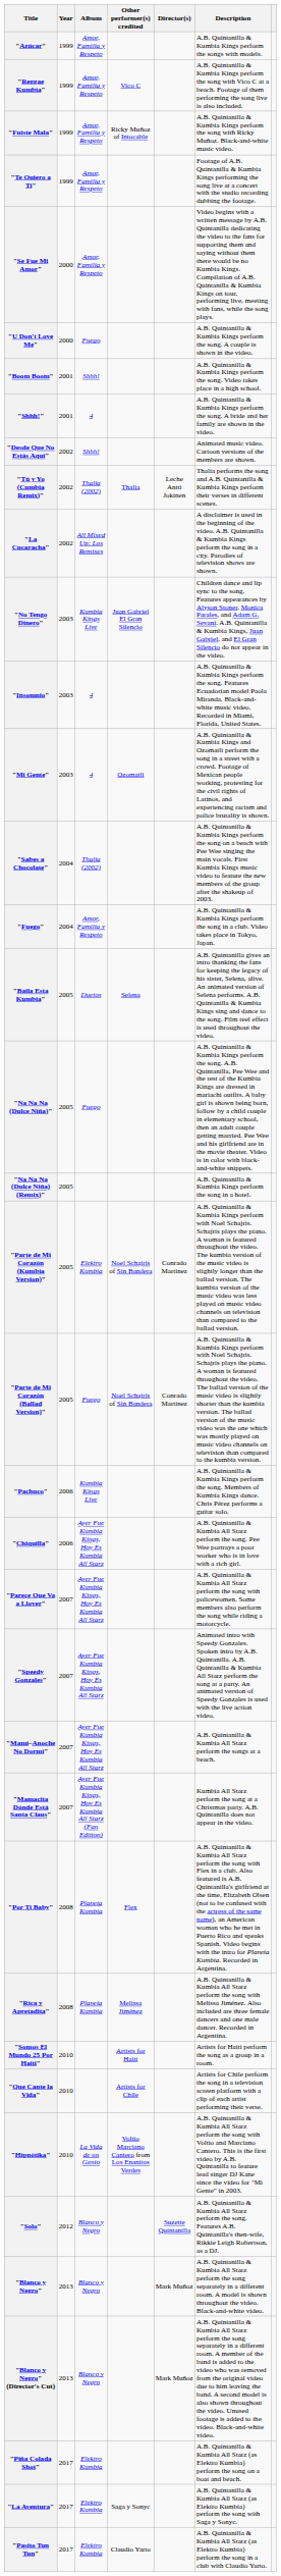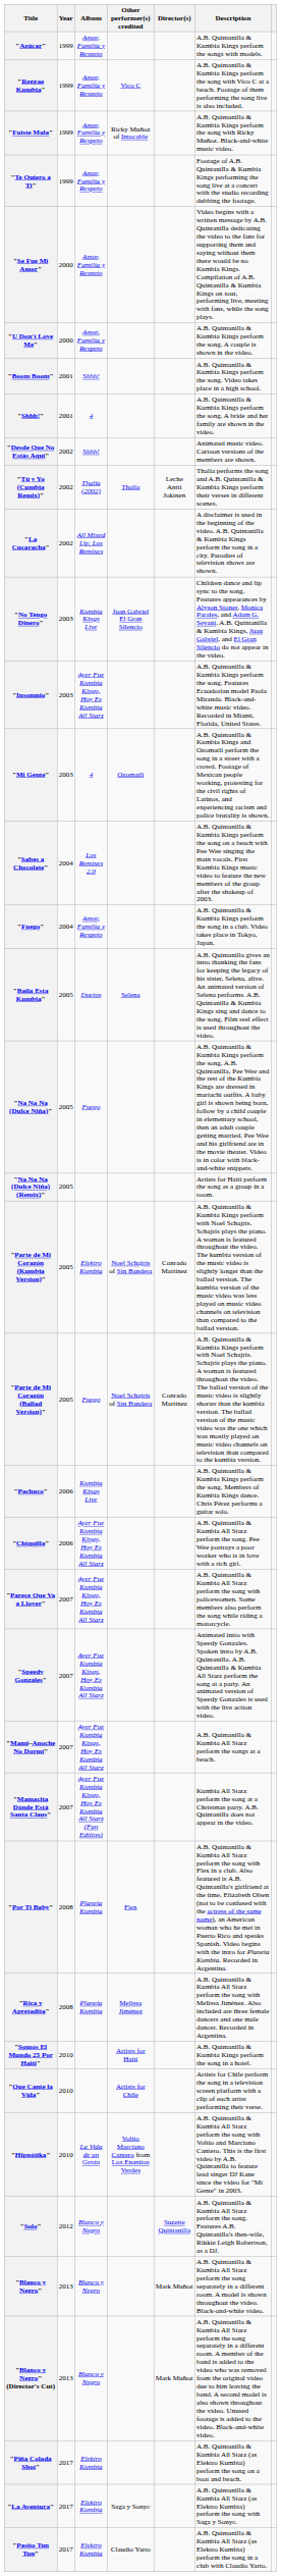 <table class="wikitable sortable plainrowheaders" style="text-align:center;">
 <tr>
 <th scope="col" style="width:18em;">Title</th>
 <th scope="col" style="width:2em;">Year</th>
 <th scope="col" style="width:10em;">Album</th>
 <th scope="col" style="width:10em;">Other performer(s) credited</th>
 <th scope="col" style="width:10em;">Director(s)</th>
 <th scope="col" style="width:45em;" class="unsortable">Description</th>
 <th scope="col" style="width:2em;" class="unsortable"></th>
 </tr>
 <tr>
 <th scope="row">"<a href='#'>Azúcar</a>"</th>
 <td>1999</td>
 <td><em><a href='#'>Amor, Familia y Respeto</a></em></td>
 <td></td>
 <td></td>
 <td style="text-align:left;">A.B. Quintanilla & Kumbia Kings perform the songs with models.</td>
 <td></td>
 </tr>
 <tr>
 <th scope="row">"<a href='#'>Reggae Kumbia</a>"</th>
 <td>1999</td>
 <td><em><a href='#'>Amor, Familia y Respeto</a></em></td>
 <td><a href='#'>Vico C</a></td>
 <td></td>
 <td style="text-align:left;">A.B. Quintanilla & Kumbia Kings perform the song with Vico C at a beach. Footage of them performing the song live is also included.</td>
 <td></td>
 </tr>
 <tr>
 <th scope="row">"<a href='#'>Fuiste Mala</a>"</th>
 <td>1999</td>
 <td><em><a href='#'>Amor, Familia y Respeto</a></em></td>
 <td>Ricky Muñoz of <a href='#'>Intocable</a></td>
 <td></td>
 <td style="text-align:left;">A.B. Quintanilla & Kumbia Kings perform the song with Ricky Muñoz. Black-and-white music video.</td>
 <td></td>
 </tr>
 <tr>
 <th scope="row">"<a href='#'>Te Quiero a Ti</a>"</th>
 <td>1999</td>
 <td><em><a href='#'>Amor, Familia y Respeto</a></em></td>
 <td></td>
 <td></td>
 <td style="text-align:left;">Footage of A.B. Quintanilla & Kumbia Kings performing the song live at a concert with the studio recording dubbing the footage.</td>
 <td></td>
 </tr>
 <tr>
 <th scope="row">"<a href='#'>Se Fue Mi Amor</a>"</th>
 <td>2000</td>
 <td><em><a href='#'>Amor, Familia y Respeto</a></em></td>
 <td></td>
 <td></td>
 <td style="text-align:left;">Video begins with a written message by A.B. Quintanilla dedicating the video to the fans for supporting them and saying without them there would be no Kumbia Kings. Compilation of A.B. Quintanilla & Kumbia Kings on tour, performing live, meeting with fans, while the song plays.</td>
 <td></td>
 </tr>
 <tr>
 <th scope="row">"<a href='#'>U Don't Love Me</a>"</th>
 <td>2000</td>
-<td><em><a href='#'>Fuego</a></em></td>
+<td><em><a href='#'>Amor, Familia y Respeto</a></em></td>
 <td></td>
 <td></td>
 <td style="text-align:left;">A.B. Quintanilla & Kumbia Kings perform the song. A couple is shown in the video.</td>
 <td></td>
 </tr>
 <tr>
 <th scope="row">"<a href='#'>Boom Boom</a>"</th>
 <td>2001</td>
 <td><em><a href='#'>Shhh!</a></em></td>
 <td></td>
 <td></td>
 <td style="text-align:left;">A.B. Quintanilla & Kumbia Kings perform the song. Video takes place in a high school.</td>
 <td></td>
 </tr>
 <tr>
 <th scope="row">"<a href='#'>Shhh!</a>"</th>
 <td>2001</td>
 <td><em><a href='#'>4</a></em></td>
 <td></td>
 <td></td>
 <td style="text-align:left;">A.B. Quintanilla & Kumbia Kings perform the song. A bride and her family are shown in the video.</td>
 <td></td>
 </tr>
 <tr>
 <th scope="row">"<a href='#'>Desde Que No Estás Aquí</a>"</th>
 <td>2002</td>
 <td><em><a href='#'>Shhh!</a></em></td>
 <td></td>
 <td></td>
 <td style="text-align:left;">Animated music video. Cartoon versions of the members are shown.</td>
 <td></td>
 </tr>
 <tr>
 <th scope="row">"<a href='#'>Tú y Yo (Cumbia Remix)</a>"</th>
 <td>2002</td>
 <td><em><a href='#'>Thalía (2002)</a></em></td>
 <td><a href='#'>Thalía</a></td>
 <td>Leche<br>Antti Jokinen</td>
 <td style="text-align:left;">Thalía performs the song and A.B. Quintanilla & Kumbia Kings perform their verses in different scenes.</td>
 <td></td>
 </tr>
 <tr>
 <th scope="row">"<a href='#'>La Cucaracha</a>"</th>
 <td>2002</td>
 <td><em><a href='#'>All Mixed Up: Los Remixes</a></em></td>
 <td></td>
 <td></td>
 <td style="text-align:left;">A disclaimer is used in the beginning of the video. A.B. Quintanilla & Kumbia Kings perform the song in a city. Parodies of television shows are shown.</td>
 <td></td>
 </tr>
 <tr>
 <th scope="row">"<a href='#'>No Tengo Dinero</a>"</th>
 <td>2003</td>
 <td><em><a href='#'>Kumbia Kings Live</a></em></td>
 <td><a href='#'>Juan Gabriel</a><br><a href='#'>El Gran Silencio</a></td>
 <td></td>
 <td style="text-align:left;">Children dance and lip sync to the song. Features appearances by <a href='#'>Alyson Stoner</a>, <a href='#'>Monica Parales</a>, and <a href='#'>Adam G. Sevani</a>. A.B. Quintanilla & Kumbia Kings, <a href='#'>Juan Gabriel</a>, and <a href='#'>El Gran Silencio</a> do not appear in the video.</td>
 <td></td>
 </tr>
 <tr>
 <th scope="row">"<a href='#'>Insomnio</a>"</th>
 <td>2003</td>
-<td><em><a href='#'>4</a></em></td>
+<td><em><a href='#'>Ayer Fue Kumbia Kings, Hoy Es Kumbia All Starz</a></em></td>
 <td></td>
 <td></td>
 <td style="text-align:left;">A.B. Quintanilla & Kumbia Kings perform the song. Features Ecuadorian model Paola Miranda. Black-and-white music video. Recorded in Miami, Florida, United States.</td>
 <td></td>
 </tr>
 <tr>
 <th scope="row">"<a href='#'>Mi Gente</a>"</th>
 <td>2003</td>
 <td><em><a href='#'>4</a></em></td>
 <td><a href='#'>Ozomatli</a></td>
 <td></td>
 <td style="text-align:left;">A.B. Quintanilla & Kumbia Kings and Ozomatli perform the song in a street with a crowd. Footage of Mexican people working, protesting for the civil rights of Latinos, and experiencing racism and police brutality is shown.</td>
 <td></td>
 </tr>
 <tr>
 <th scope="row">"<a href='#'>Sabes a Chocolate</a>"</th>
 <td>2004</td>
-<td><em><a href='#'>Thalía (2002)</a></em></td>
+<td><em><a href='#'>Los Remixes 2.0</a></em></td>
 <td></td>
 <td></td>
 <td style="text-align:left;">A.B. Quintanilla & Kumbia Kings perform the song on a beach with Pee Wee singing the main vocals. First Kumbia Kings music video to feature the new members of the group after the shakeup of 2003.</td>
 <td></td>
 </tr>
 <tr>
 <th scope="row">"<a href='#'>Fuego</a>"</th>
 <td>2004</td>
 <td><em><a href='#'>Amor, Familia y Respeto</a></em></td>
 <td></td>
 <td></td>
 <td style="text-align:left;">A.B. Quintanilla & Kumbia Kings perform the song in a club. Video takes place in Tokyo, Japan.</td>
 <td></td>
 </tr>
 <tr>
 <th scope="row">"<a href='#'>Baila Esta Kumbia</a>"</th>
 <td>2005</td>
 <td><em><a href='#'>Duetos</a></em></td>
 <td><a href='#'>Selena</a></td>
 <td></td>
 <td style="text-align:left;">A.B. Quintanilla gives an intro thanking the fans for keeping the legacy of his sister, Selena, alive. An animated version of Selena performs. A.B. Quintanilla & Kumbia Kings sing and dance to the song. Film reel effect is used throughout the video.</td>
 <td></td>
 </tr>
 <tr>
 <th scope="row">"<a href='#'>Na Na Na (Dulce Niña)</a>"</th>
 <td>2005</td>
 <td><em><a href='#'>Fuego</a></em></td>
 <td></td>
 <td></td>
 <td style="text-align:left;">A.B. Quintanilla & Kumbia Kings perform the song. A.B. Quintanilla, Pee Wee and the rest of the Kumbia Kings are dressed in mariachi outfits. A baby girl is shown being born, follow by a child couple in elementary school, then an adult couple getting married. Pee Wee and his girlfriend are in the movie theater. Video is in color with black-and-white snippets.</td>
 <td></td>
 </tr>
 <tr>
 <th scope="row">"<a href='#'>Na Na Na (Dulce Niña) (Remix)</a>"</th>
 <td>2005</td>
 <td></td>
 <td></td>
 <td></td>
-<td style="text-align:left;">A.B. Quintanilla & Kumbia Kings perform the song in a hotel.</td>
+<td style="text-align:left;">Artists for Haiti perform the song as a group in a room.</td>
 <td></td>
 </tr>
 <tr>
 <th scope="row">"<a href='#'>Parte de Mi Corazón (Kumbia Version)</a>"</th>
 <td>2005</td>
 <td><em><a href='#'>Elektro Kumbia</a></em></td>
 <td><a href='#'>Noel Schajris</a> of <a href='#'>Sin Bandera</a></td>
 <td>Conrado Martínez</td>
 <td style="text-align:left;">A.B. Quintanilla & Kumbia Kings perform with Noel Schajris. Schajris plays the piano. A woman is featured throughout the video. The kumbia version of the music video is slightly longer than the ballad version. The kumbia version of the music video was less played on music video channels on television than compared to the ballad version.</td>
 <td></td>
 </tr>
 <tr>
 <th scope="row">"<a href='#'>Parte de Mi Corazón (Ballad Version)</a>"</th>
 <td>2005</td>
 <td><em><a href='#'>Fuego</a></em></td>
 <td><a href='#'>Noel Schajris</a> of <a href='#'>Sin Bandera</a></td>
 <td>Conrado Martínez</td>
 <td style="text-align:left;">A.B. Quintanilla & Kumbia Kings perform with Noel Schajris. Schajris plays the piano. A woman is featured throughout the video. The ballad version of the music video is slightly shorter than the kumbia version. The ballad version of the music video was the one which was mostly played on music video channels on television than compared to the kumbia version.</td>
 <td></td>
 </tr>
 <tr>
 <th scope="row">"<a href='#'>Pachuco</a>"</th>
 <td>2006</td>
 <td><em><a href='#'>Kumbia Kings Live</a></em></td>
 <td></td>
 <td></td>
 <td style="text-align:left;">A.B. Quintanilla & Kumbia Kings perform the song. Members of Kumbia Kings dance. Chris Pérez performs a guitar solo.</td>
 <td></td>
 </tr>
 <tr>
 <th scope="row">"<a href='#'>Chiquilla</a>"</th>
 <td>2006</td>
 <td><em><a href='#'>Ayer Fue Kumbia Kings, Hoy Es Kumbia All Starz</a></em></td>
 <td></td>
 <td></td>
 <td style="text-align:left;">A.B. Quintanilla & Kumbia All Starz perform the song. Pee Wee portrays a poor worker who is in love with a rich girl.</td>
 <td></td>
 </tr>
 <tr>
 <th scope="row">"<a href='#'>Parece Que Va a Llover</a>"</th>
 <td>2007</td>
 <td><em><a href='#'>Ayer Fue Kumbia Kings, Hoy Es Kumbia All Starz</a></em></td>
 <td></td>
 <td></td>
 <td style="text-align:left;">A.B. Quintanilla & Kumbia All Starz perform the song with policewomen. Some members also perform the song while riding a motorcycle.</td>
 <td></td>
 </tr>
 <tr>
 <th scope="row">"<a href='#'>Speedy Gonzales</a>"</th>
 <td>2007</td>
 <td><em><a href='#'>Ayer Fue Kumbia Kings, Hoy Es Kumbia All Starz</a></em></td>
 <td></td>
 <td></td>
 <td style="text-align:left;">Animated intro with Speedy Gonzales. Spoken intro by A.B. Quintanilla. A.B. Quintanilla & Kumbia All Starz perform the song at a party. An animated version of Speedy Gonzales is used with the live action video.</td>
 <td></td>
 </tr>
 <tr>
 <th scope="row">"<a href='#'>Mami</a>–<a href='#'>Anoche No Dormí</a>"</th>
 <td>2007</td>
 <td><em><a href='#'>Ayer Fue Kumbia Kings, Hoy Es Kumbia All Starz</a></em></td>
 <td></td>
 <td></td>
 <td style="text-align:left;">A.B. Quintanilla & Kumbia All Starz perform the songs at a beach.</td>
 <td></td>
 </tr>
 <tr>
 <th scope="row">"<a href='#'>Mamacita Dónde Está Santa Claus</a>"</th>
 <td>2007</td>
 <td><em><a href='#'>Ayer Fue Kumbia Kings, Hoy Es Kumbia All Starz (Fan Edition)</a></em></td>
 <td></td>
 <td></td>
 <td style="text-align:left;">Kumbia All Starz perform the song at a Christmas party. A.B. Quintanilla does not appear in the video.</td>
 <td></td>
 </tr>
 <tr>
 <th scope="row">"<a href='#'>Por Ti Baby</a>"</th>
 <td>2008</td>
 <td><em><a href='#'>Planeta Kumbia</a></em></td>
 <td><a href='#'>Flex</a></td>
 <td></td>
 <td style="text-align:left;">A.B. Quintanilla & Kumbia All Starz perform the song with Flex in a club. Also featured is A.B. Quintanilla's girlfriend at the time, Elizabeth Olsen (not to be confused with the <a href='#'>actress of the same name</a>), an American woman who he met in Puerto Rico and speaks Spanish. Video begins with the intro for <em>Planeta Kumbia</em>. Recorded in Argentina.</td>
 <td></td>
 </tr>
 <tr>
 <th scope="row">"<a href='#'>Rica y Apretadita</a>"</th>
 <td>2008</td>
 <td><em><a href='#'>Planeta Kumbia</a></em></td>
 <td><a href='#'>Melissa Jiménez</a></td>
 <td></td>
 <td style="text-align:left;">A.B. Quintanilla & Kumbia All Starz perform the song with Melissa Jiménez. Also included are three female dancers and one male dancer. Recorded in Argentina.</td>
 <td></td>
 </tr>
 <tr>
 <th scope="row">"<a href='#'>Somos El Mundo 25 Por Haiti</a>"</th>
 <td>2010</td>
 <td></td>
 <td><a href='#'>Artists for Haiti</a></td>
 <td></td>
-<td style="text-align:left;">Artists for Haiti perform the song as a group in a room.</td>
+<td style="text-align:left;">A.B. Quintanilla & Kumbia Kings perform the song in a hotel.</td>
 <td></td>
 </tr>
 <tr>
 <th scope="row">"<a href='#'>Que Cante la Vida</a>"</th>
 <td>2010</td>
 <td></td>
 <td><a href='#'>Artists for Chile</a></td>
 <td></td>
 <td style="text-align:left;">Artists for Chile perform the song in a television screen platform with a clip of each artist performing their verse.</td>
 <td></td>
 </tr>
 <tr>
 <th scope="row">"<a href='#'>Hipnótika</a>"</th>
 <td>2010</td>
 <td><em><a href='#'>La Vida de un Genio</a></em></td>
 <td><a href='#'>Voltio</a><br><a href='#'>Marciano Cantero</a> from <a href='#'>Los Enanitos Verdes</a></td>
 <td></td>
 <td style="text-align:left;">A.B. Quintanilla & Kumbia All Starz perform the song with Voltio and Marciano Cantero. This is the first video by A.B. Quintanilla to feature lead singer DJ Kane since the video for "Mi Gente" in 2003.</td>
 <td></td>
 </tr>
 <tr>
 <th scope="row">"<a href='#'>Solo</a>"</th>
 <td>2012</td>
 <td><em><a href='#'>Blanco y Negro</a></em></td>
 <td></td>
 <td><a href='#'>Suzette Quintanilla</a></td>
 <td style="text-align:left;">A.B. Quintanilla & Kumbia All Starz perform the song. Features A.B. Quintanilla's then-wife, Rikkie Leigh Robertson, as a DJ.</td>
 <td></td>
 </tr>
 <tr>
 <th scope="row">"<a href='#'>Blanco y Negro</a>"</th>
 <td>2013</td>
 <td><em><a href='#'>Blanco y Negro</a></em></td>
 <td></td>
 <td>Mark Muñoz</td>
 <td style="text-align:left;">A.B. Quintanilla & Kumbia All Starz perform the song separately in a different room. A model is shown throughout the video. Black-and-white video.</td>
 <td></td>
 </tr>
 <tr>
 <th scope="row">"<a href='#'>Blanco y Negro</a>" (Director's Cut)</th>
 <td>2013</td>
 <td><em><a href='#'>Blanco y Negro</a></em></td>
 <td></td>
 <td>Mark Muñoz</td>
 <td style="text-align:left;">A.B. Quintanilla & Kumbia All Starz perform the song separately in a different room. A member of the band is added to the video who was removed from the original video due to him leaving the band. A second model is also shown throughout the video. Unused footage is added to the video. Black-and-white video.</td>
 <td></td>
 </tr>
 <tr>
 <th scope="row">"<a href='#'>Piña Colada Shot</a>"</th>
 <td>2017</td>
 <td><em><a href='#'>Elektro Kumbia</a></em></td>
 <td></td>
 <td></td>
 <td style="text-align:left;">A.B. Quintanilla & Kumbia All Starz (as Elektro Kumbia) perform the song on a boat and beach.</td>
 <td></td>
 </tr>
 <tr>
 <th scope="row">"<a href='#'>La Aventura</a>"</th>
 <td>2017</td>
 <td><em><a href='#'>Elektro Kumbia</a></em></td>
 <td>Saga y Sonyc</td>
 <td></td>
 <td style="text-align:left;">A.B. Quintanilla & Kumbia All Starz (as Elektro Kumbia) perform the song with Saga y Sonyc.</td>
 <td></td>
 </tr>
 <tr>
 <th scope="row">"<a href='#'>Pasito Tun Tun</a>"</th>
 <td>2017</td>
 <td><em><a href='#'>Elektro Kumbia</a></em></td>
 <td>Claudio Yarto</td>
 <td></td>
 <td style="text-align:left;">A.B. Quintanilla & Kumbia All Starz (as Elektro Kumbia) perform the song in a club with Claudio Yarto.</td>
 <td></td>
 </tr>
 </table>
